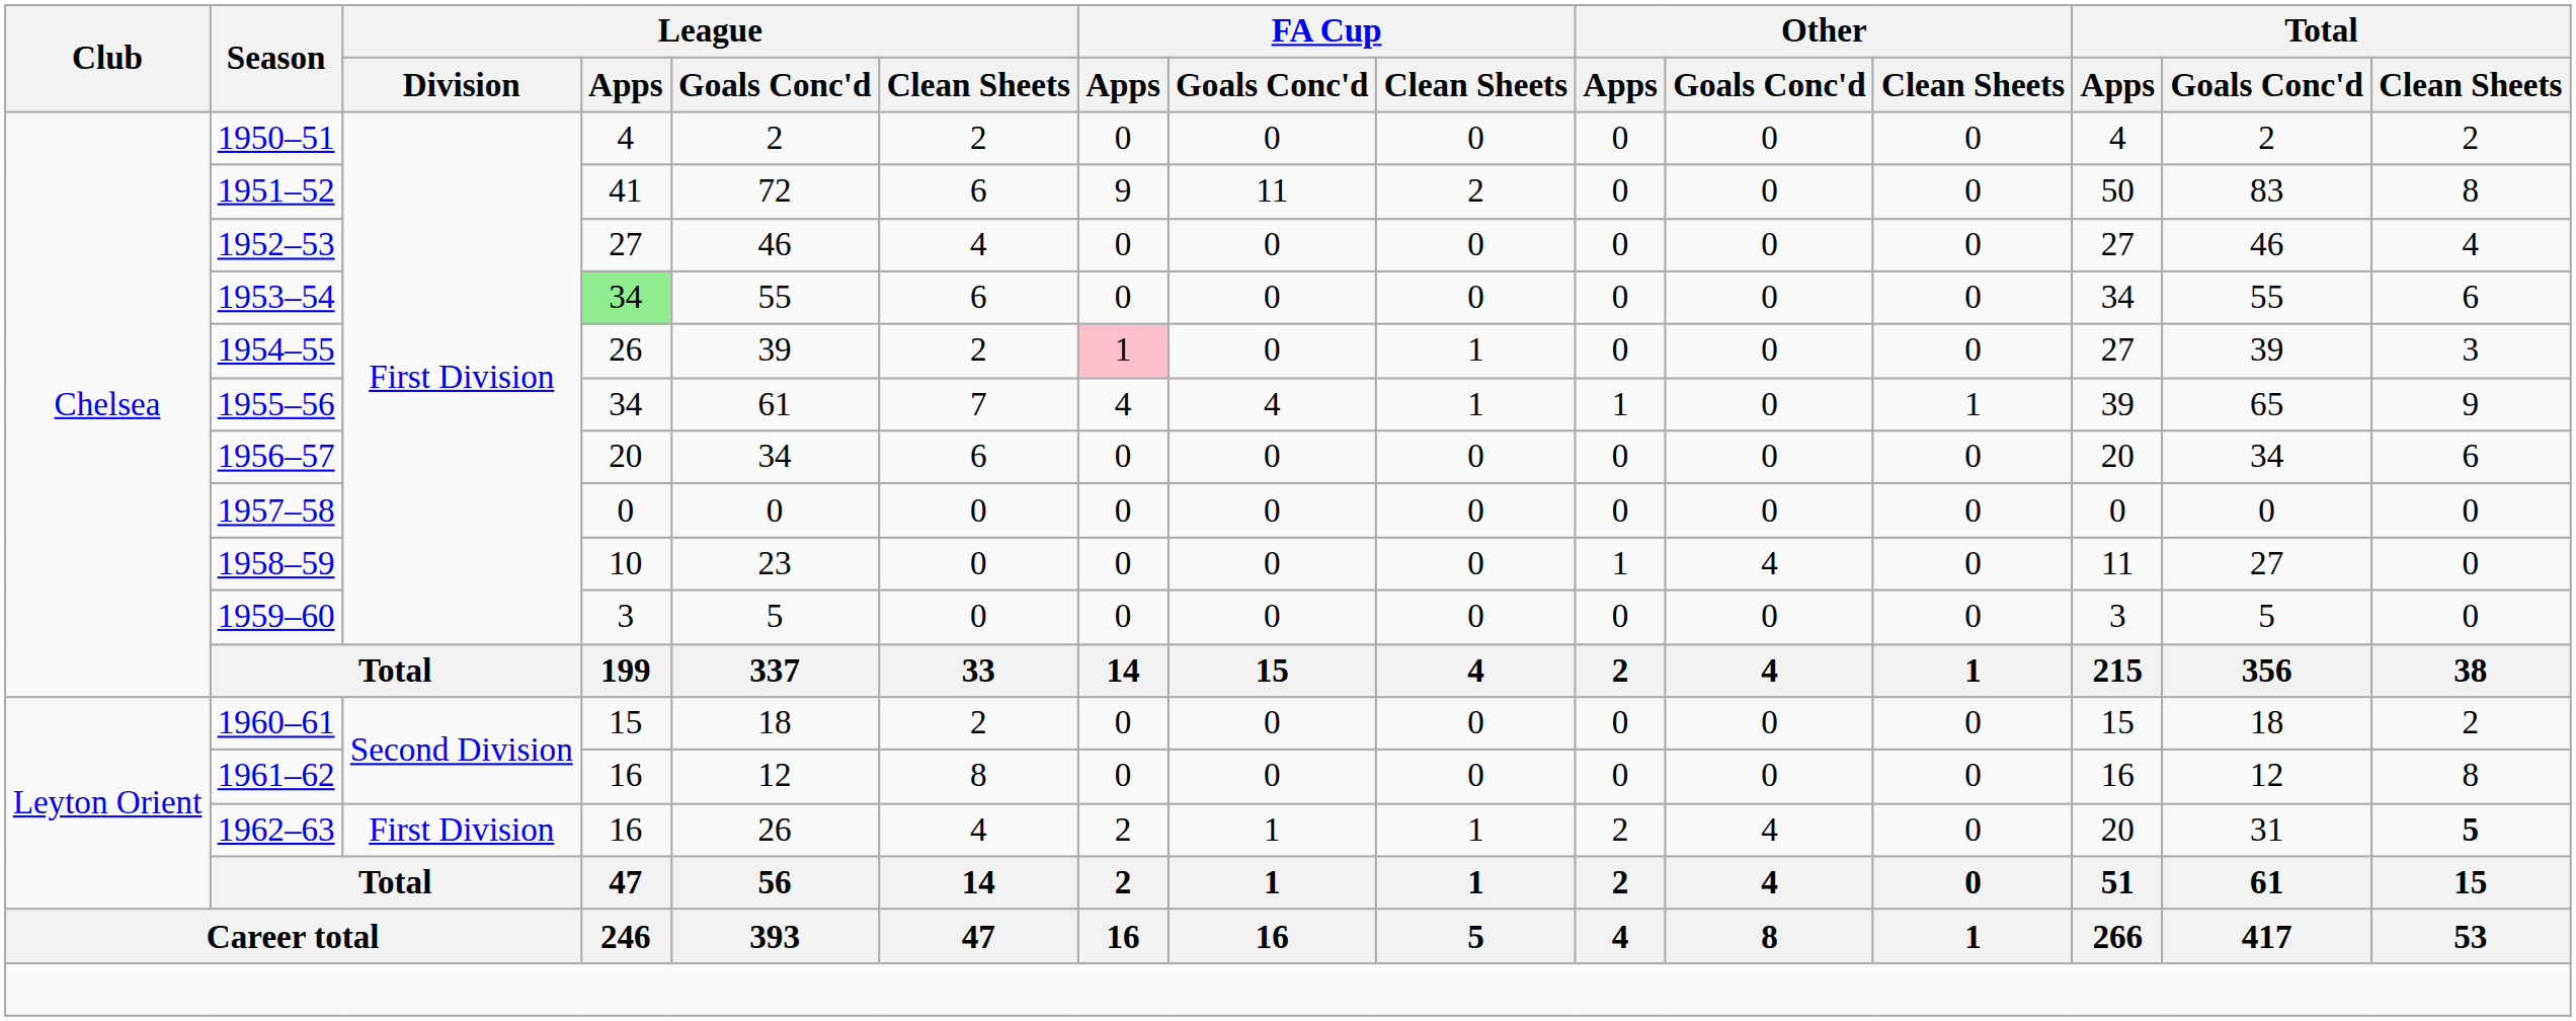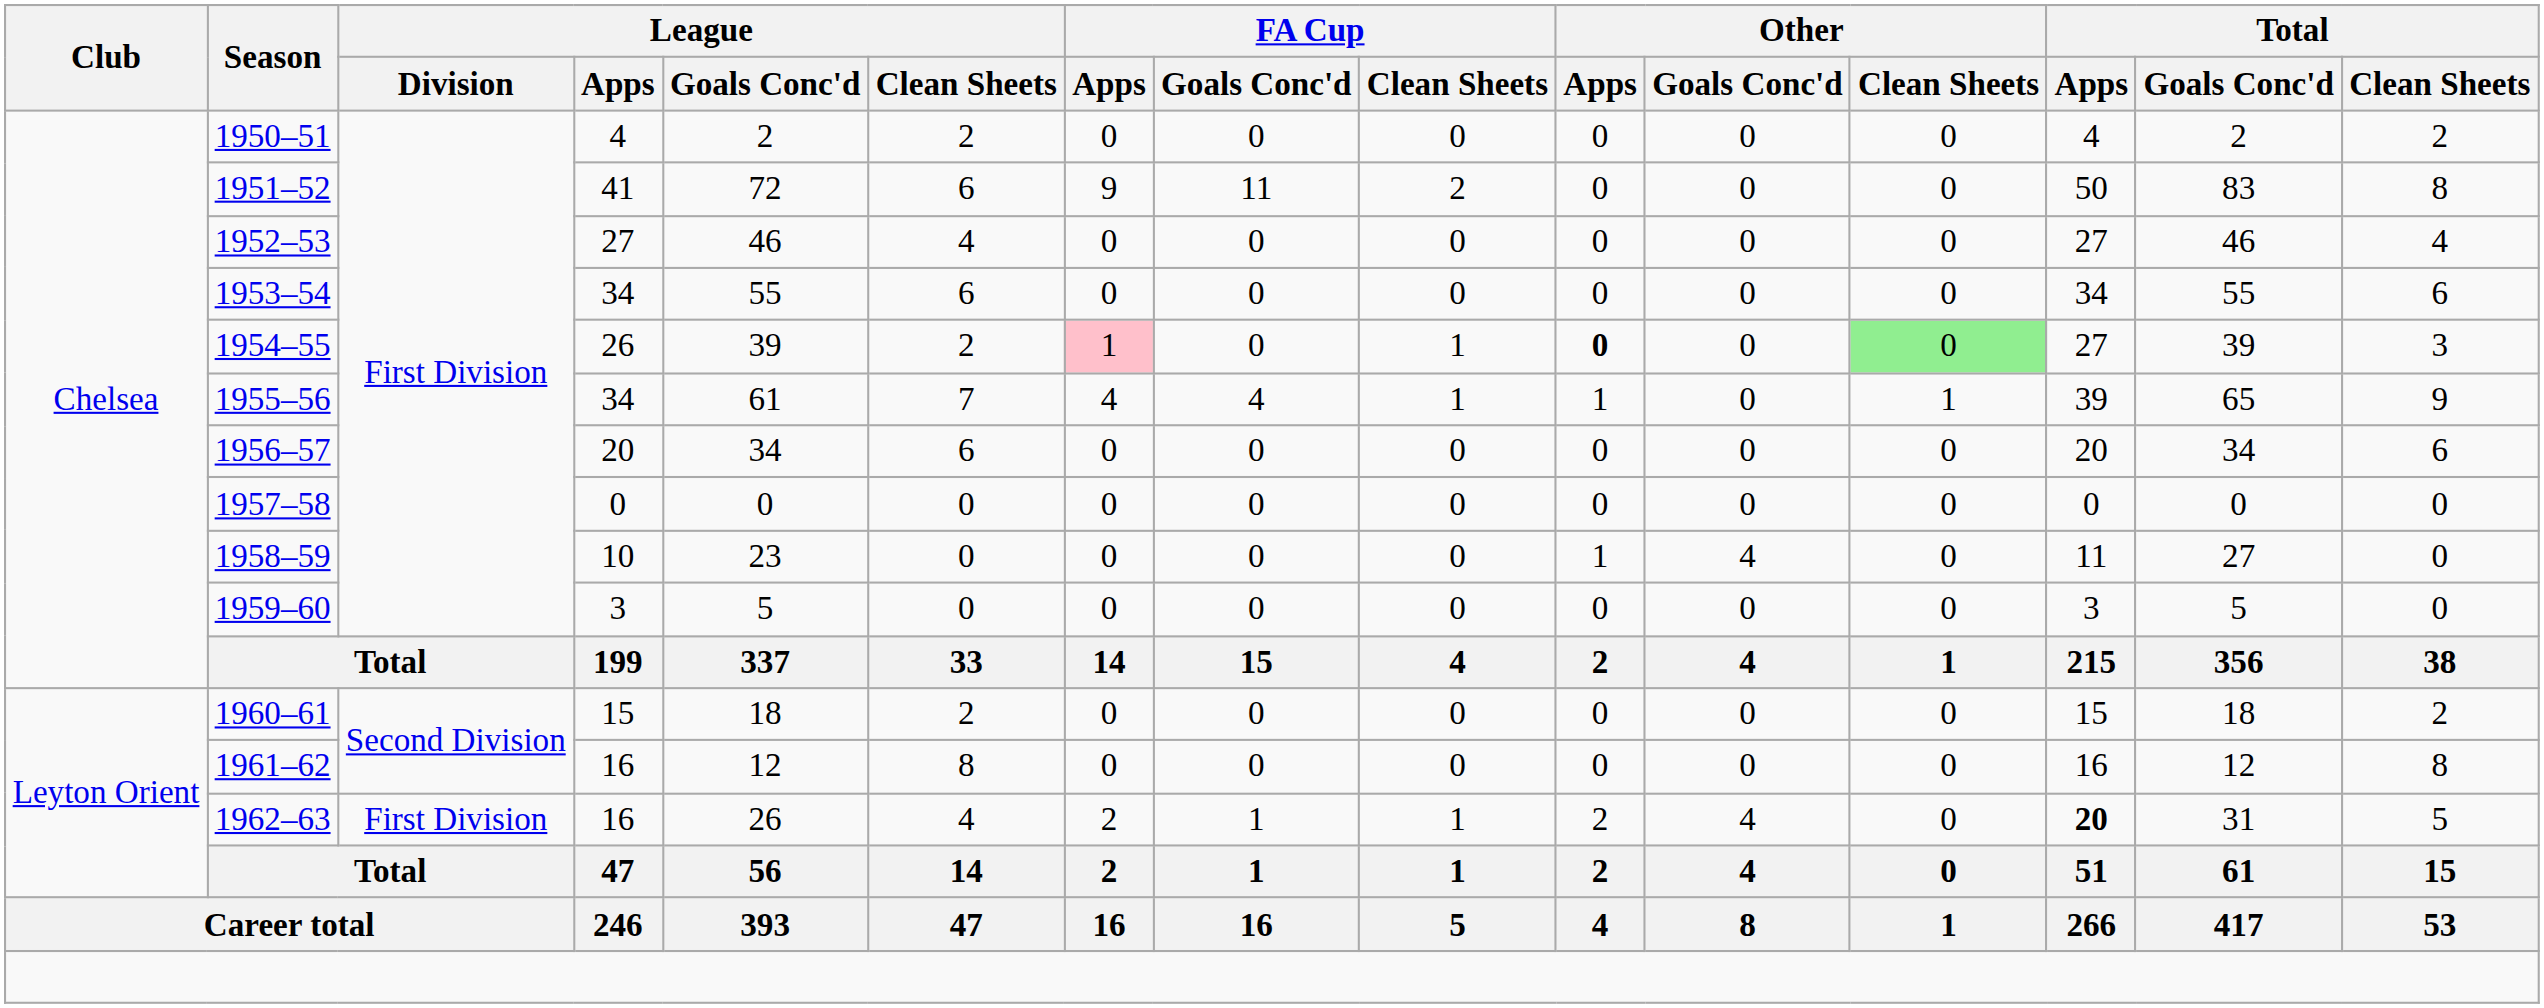 <table class="wikitable" style="text-align: center">
 <tr>
 <th rowspan="2">Club</th>
 <th rowspan="2">Season</th>
 <th colspan="4">League</th>
 <th colspan="3"><a href='#'>FA Cup</a></th>
 <th colspan="3">Other</th>
 <th colspan="3">Total</th>
 </tr>
 <tr>
 <th>Division</th>
 <th>Apps</th>
 <th>Goals Conc'd</th>
 <th>Clean Sheets</th>
 <th>Apps</th>
 <th>Goals Conc'd</th>
 <th>Clean Sheets</th>
 <th>Apps</th>
 <th>Goals Conc'd</th>
 <th>Clean Sheets</th>
 <th>Apps</th>
 <th>Goals Conc'd</th>
 <th>Clean Sheets</th>
 </tr>
 <tr>
 <td rowspan="11"><a href='#'>Chelsea</a></td>
 <td><a href='#'>1950–51</a></td>
 <td rowspan="10"><a href='#'>First Division</a></td>
 <td>4</td>
 <td>2</td>
 <td>2</td>
 <td>0</td>
 <td>0</td>
 <td>0</td>
 <td>0</td>
 <td>0</td>
 <td>0</td>
 <td>4</td>
 <td>2</td>
 <td>2</td>
 </tr>
 <tr>
 <td><a href='#'>1951–52</a></td>
 <td>41</td>
 <td>72</td>
 <td>6</td>
 <td>9</td>
 <td>11</td>
 <td>2</td>
 <td>0</td>
 <td>0</td>
 <td>0</td>
 <td>50</td>
 <td>83</td>
 <td>8</td>
 </tr>
 <tr>
 <td><a href='#'>1952–53</a></td>
 <td>27</td>
 <td>46</td>
 <td>4</td>
 <td>0</td>
 <td>0</td>
 <td>0</td>
 <td>0</td>
 <td>0</td>
 <td>0</td>
 <td>27</td>
 <td>46</td>
 <td>4</td>
 </tr>
 <tr>
 <td><a href='#'>1953–54</a></td>
-<td style="background: lightgreen;">34</td>
+<td>34</td>
 <td>55</td>
 <td>6</td>
 <td>0</td>
 <td>0</td>
 <td>0</td>
 <td>0</td>
 <td>0</td>
 <td>0</td>
 <td>34</td>
 <td>55</td>
 <td>6</td>
 </tr>
 <tr>
 <td><a href='#'>1954–55</a></td>
 <td>26</td>
 <td>39</td>
 <td>2</td>
 <td style="background: pink;">1</td>
 <td>0</td>
 <td>1</td>
+<td><strong>0</strong></td>
 <td>0</td>
-<td>0</td>
-<td>0</td>
+<td style="background: lightgreen;">0</td>
 <td>27</td>
 <td>39</td>
 <td>3</td>
 </tr>
 <tr>
 <td><a href='#'>1955–56</a></td>
 <td>34</td>
 <td>61</td>
 <td>7</td>
 <td>4</td>
 <td>4</td>
 <td>1</td>
 <td>1</td>
 <td>0</td>
 <td>1</td>
 <td>39</td>
 <td>65</td>
 <td>9</td>
 </tr>
 <tr>
 <td><a href='#'>1956–57</a></td>
 <td>20</td>
 <td>34</td>
 <td>6</td>
 <td>0</td>
 <td>0</td>
 <td>0</td>
 <td>0</td>
 <td>0</td>
 <td>0</td>
 <td>20</td>
 <td>34</td>
 <td>6</td>
 </tr>
 <tr>
 <td><a href='#'>1957–58</a></td>
 <td>0</td>
 <td>0</td>
 <td>0</td>
 <td>0</td>
 <td>0</td>
 <td>0</td>
 <td>0</td>
 <td>0</td>
 <td>0</td>
 <td>0</td>
 <td>0</td>
 <td>0</td>
 </tr>
 <tr>
 <td><a href='#'>1958–59</a></td>
 <td>10</td>
 <td>23</td>
 <td>0</td>
 <td>0</td>
 <td>0</td>
 <td>0</td>
 <td>1</td>
 <td>4</td>
 <td>0</td>
 <td>11</td>
 <td>27</td>
 <td>0</td>
 </tr>
 <tr>
 <td><a href='#'>1959–60</a></td>
 <td>3</td>
 <td>5</td>
 <td>0</td>
 <td>0</td>
 <td>0</td>
 <td>0</td>
 <td>0</td>
 <td>0</td>
 <td>0</td>
 <td>3</td>
 <td>5</td>
 <td>0</td>
 </tr>
 <tr>
 <th colspan="2">Total</th>
 <th>199</th>
 <th>337</th>
 <th>33</th>
 <th>14</th>
 <th>15</th>
 <th>4</th>
 <th>2</th>
 <th>4</th>
 <th>1</th>
 <th>215</th>
 <th>356</th>
 <th>38</th>
 </tr>
 <tr>
 <td rowspan="4"><a href='#'>Leyton Orient</a></td>
 <td><a href='#'>1960–61</a></td>
 <td rowspan="2"><a href='#'>Second Division</a></td>
 <td>15</td>
 <td>18</td>
 <td>2</td>
 <td>0</td>
 <td>0</td>
 <td>0</td>
 <td>0</td>
 <td>0</td>
 <td>0</td>
 <td>15</td>
 <td>18</td>
 <td>2</td>
 </tr>
 <tr>
 <td><a href='#'>1961–62</a></td>
 <td>16</td>
 <td>12</td>
 <td>8</td>
 <td>0</td>
 <td>0</td>
 <td>0</td>
 <td>0</td>
 <td>0</td>
 <td>0</td>
 <td>16</td>
 <td>12</td>
 <td>8</td>
 </tr>
 <tr>
 <td><a href='#'>1962–63</a></td>
 <td><a href='#'>First Division</a></td>
 <td>16</td>
 <td>26</td>
 <td>4</td>
 <td>2</td>
 <td>1</td>
 <td>1</td>
 <td>2</td>
 <td>4</td>
 <td>0</td>
-<td>20</td>
+<td><strong>20</strong></td>
 <td>31</td>
-<td><strong>5</strong></td>
+<td>5</td>
 </tr>
 <tr>
 <th colspan="2">Total</th>
 <th>47</th>
 <th>56</th>
 <th>14</th>
 <th>2</th>
 <th>1</th>
 <th>1</th>
 <th>2</th>
 <th>4</th>
 <th>0</th>
 <th>51</th>
 <th>61</th>
 <th>15</th>
 </tr>
 <tr>
 <th colspan="3">Career total</th>
 <th>246</th>
 <th>393</th>
 <th>47</th>
 <th>16</th>
 <th>16</th>
 <th>5</th>
 <th>4</th>
 <th>8</th>
 <th>1</th>
 <th>266</th>
 <th>417</th>
 <th>53</th>
 </tr>
 <tr>
 <td colspan="15"><br></td>
 </tr>
 </table>
